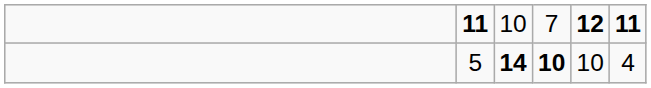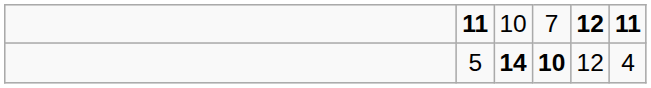 <table class="wikitable">
 <tr>
 <td style="width:18em"><strong></strong></td>
 <td align=center style="width:1em"><strong>11</strong></td>
 <td align=center style="width:1em">10</td>
 <td align=center style="width:1em">7</td>
 <td align=center style="width:1em"><strong>12</strong></td>
 <td align=center style="width:1em"><strong>11</strong></td>
 </tr>
 <tr>
 <td style="width:18em"></td>
 <td align=center style="width:1em">5</td>
 <td align=center style="width:1em"><strong>14</strong></td>
 <td align=center style="width:1em"><strong>10</strong></td>
-<td align=center style="width:1em">10</td>
+<td align=center style="width:1em">12</td>
 <td align=center style="width:1em">4</td>
 </tr>
 </table>
